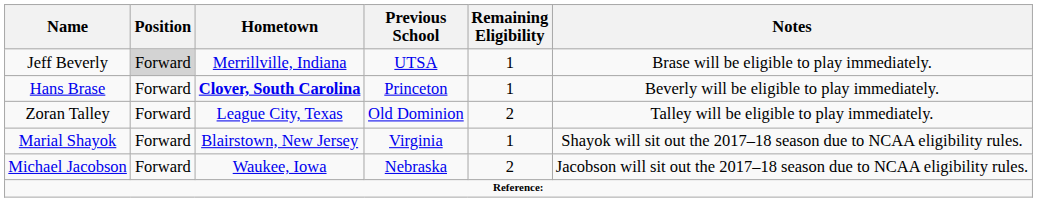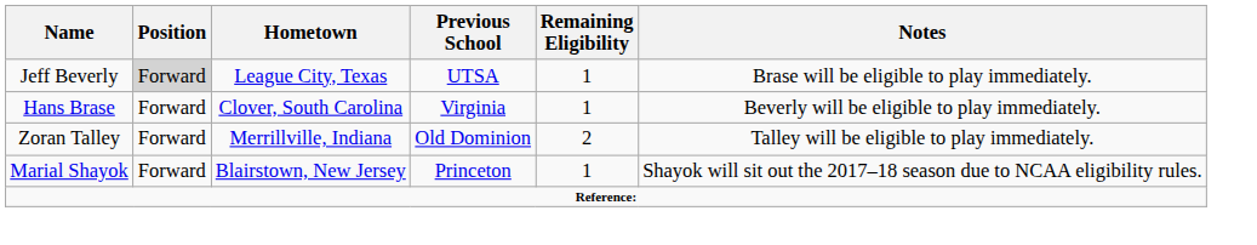 <table class="wikitable" style="text-align: center">
 <tr align=center>
 <th>Name</th>
 <th>Position</th>
 <th>Hometown</th>
 <th>Previous<br>School</th>
 <th>Remaining<br>Eligibility</th>
 <th>Notes</th>
 </tr>
 <tr>
 <td>Jeff Beverly</td>
 <td style="background: lightgrey;">Forward</td>
-<td><a href='#'>Merrillville, Indiana</a></td>
+<td><a href='#'>League City, Texas</a></td>
 <td><a href='#'>UTSA</a></td>
 <td>1</td>
 <td>Brase will be eligible to play immediately.</td>
 </tr>
 <tr>
 <td><a href='#'>Hans Brase</a></td>
 <td>Forward</td>
-<td><strong><a href='#'>Clover, South Carolina</a></strong></td>
-<td><a href='#'>Princeton</a></td>
+<td><a href='#'>Clover, South Carolina</a></td>
+<td><a href='#'>Virginia</a></td>
 <td>1</td>
 <td>Beverly will be eligible to play immediately.</td>
 </tr>
 <tr>
 <td>Zoran Talley</td>
 <td>Forward</td>
-<td><a href='#'>League City, Texas</a></td>
+<td><a href='#'>Merrillville, Indiana</a></td>
 <td><a href='#'>Old Dominion</a></td>
 <td>2</td>
 <td>Talley will be eligible to play immediately.</td>
 </tr>
 <tr>
 <td><a href='#'>Marial Shayok</a></td>
 <td>Forward</td>
 <td><a href='#'>Blairstown, New Jersey</a></td>
-<td><a href='#'>Virginia</a></td>
+<td><a href='#'>Princeton</a></td>
 <td>1</td>
 <td>Shayok will sit out the 2017–18 season due to NCAA eligibility rules.</td>
-</tr>
-<tr>
-<td><a href='#'>Michael Jacobson</a></td>
-<td>Forward</td>
-<td><a href='#'>Waukee, Iowa</a></td>
-<td><a href='#'>Nebraska</a></td>
-<td>2</td>
-<td>Jacobson will sit out the 2017–18 season due to NCAA eligibility rules.</td>
 </tr>
 <tr>
 <td colspan="6"  style="font-size:8pt; text-align:center;"><strong>Reference:</strong></td>
 </tr>
 </table>
